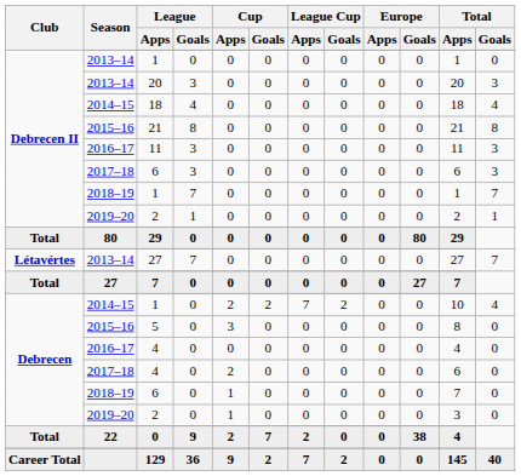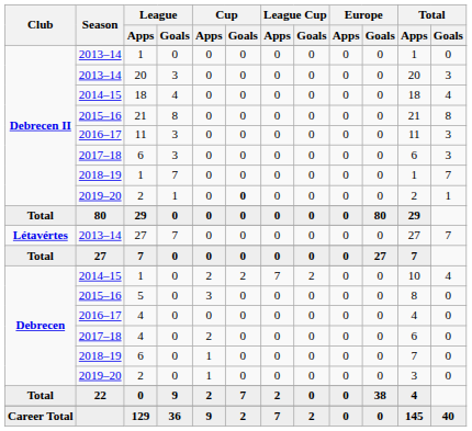 <table class="wikitable" style="font-size:90%; text-align: center;">
 <tr>
 <th rowspan="2">Club</th>
 <th rowspan="2">Season</th>
 <th colspan="2">League</th>
 <th colspan="2">Cup</th>
 <th colspan="2">League Cup</th>
 <th colspan="2">Europe</th>
 <th colspan="2">Total</th>
 </tr>
 <tr>
 <th>Apps</th>
 <th>Goals</th>
 <th>Apps</th>
 <th>Goals</th>
 <th>Apps</th>
 <th>Goals</th>
 <th>Apps</th>
 <th>Goals</th>
 <th>Apps</th>
 <th>Goals</th>
 </tr>
 <tr ||-||-||-|->
 <td rowspan="10" valign="center"><strong><a href='#'>Debrecen II</a></strong></td>
 </tr>
 <tr>
 <td><a href='#'>2013–14</a></td>
 <td>1</td>
 <td>0</td>
 <td>0</td>
 <td>0</td>
 <td>0</td>
 <td>0</td>
 <td>0</td>
 <td>0</td>
 <td>1</td>
 <td>0</td>
 </tr>
 <tr>
 <td><a href='#'>2013–14</a></td>
 <td>20</td>
 <td>3</td>
 <td>0</td>
 <td>0</td>
 <td>0</td>
 <td>0</td>
 <td>0</td>
 <td>0</td>
 <td>20</td>
 <td>3</td>
 </tr>
 <tr>
 <td><a href='#'>2014–15</a></td>
 <td>18</td>
 <td>4</td>
 <td>0</td>
 <td>0</td>
 <td>0</td>
 <td>0</td>
 <td>0</td>
 <td>0</td>
 <td>18</td>
 <td>4</td>
 </tr>
 <tr>
 <td><a href='#'>2015–16</a></td>
 <td>21</td>
 <td>8</td>
 <td>0</td>
 <td>0</td>
 <td>0</td>
 <td>0</td>
 <td>0</td>
 <td>0</td>
 <td>21</td>
 <td>8</td>
 </tr>
 <tr>
 <td><a href='#'>2016–17</a></td>
 <td>11</td>
 <td>3</td>
 <td>0</td>
 <td>0</td>
 <td>0</td>
 <td>0</td>
 <td>0</td>
 <td>0</td>
 <td>11</td>
 <td>3</td>
 </tr>
 <tr>
 <td><a href='#'>2017–18</a></td>
 <td>6</td>
 <td>3</td>
 <td>0</td>
 <td>0</td>
 <td>0</td>
 <td>0</td>
 <td>0</td>
 <td>0</td>
 <td>6</td>
 <td>3</td>
 </tr>
 <tr>
 <td><a href='#'>2018–19</a></td>
 <td>1</td>
 <td>7</td>
 <td>0</td>
 <td>0</td>
 <td>0</td>
 <td>0</td>
 <td>0</td>
 <td>0</td>
 <td>1</td>
 <td>7</td>
 </tr>
 <tr>
 <td><a href='#'>2019–20</a></td>
 <td>2</td>
 <td>1</td>
 <td>0</td>
-<td>0</td>
+<td><strong>0</strong></td>
 <td>0</td>
 <td>0</td>
 <td>0</td>
 <td>0</td>
 <td>2</td>
 <td>1</td>
 </tr>
 <tr>
 </tr>
 <tr style="font-weight:bold; background-color:#eeeeee;">
 <td>Total</td>
 <td>80</td>
 <td>29</td>
 <td>0</td>
 <td>0</td>
 <td>0</td>
 <td>0</td>
 <td>0</td>
 <td>0</td>
 <td>80</td>
 <td>29</td>
 </tr>
 <tr>
 <td rowspan="3" valign="center"><strong><a href='#'>Létavértes</a></strong></td>
 </tr>
 <tr>
 <td><a href='#'>2013–14</a></td>
 <td>27</td>
 <td>7</td>
 <td>0</td>
 <td>0</td>
 <td>0</td>
 <td>0</td>
 <td>0</td>
 <td>0</td>
 <td>27</td>
 <td>7</td>
 </tr>
 <tr>
 </tr>
 <tr style="font-weight:bold; background-color:#eeeeee;">
 <td>Total</td>
 <td>27</td>
 <td>7</td>
 <td>0</td>
 <td>0</td>
 <td>0</td>
 <td>0</td>
 <td>0</td>
 <td>0</td>
 <td>27</td>
 <td>7</td>
 </tr>
 <tr>
 <td rowspan="8" valign="center"><strong><a href='#'>Debrecen</a></strong></td>
 </tr>
 <tr>
 <td><a href='#'>2014–15</a></td>
 <td>1</td>
 <td>0</td>
 <td>2</td>
 <td>2</td>
 <td>7</td>
 <td>2</td>
 <td>0</td>
 <td>0</td>
 <td>10</td>
 <td>4</td>
 </tr>
 <tr>
 <td><a href='#'>2015–16</a></td>
 <td>5</td>
 <td>0</td>
 <td>3</td>
 <td>0</td>
 <td>0</td>
 <td>0</td>
 <td>0</td>
 <td>0</td>
 <td>8</td>
 <td>0</td>
 </tr>
 <tr>
 <td><a href='#'>2016–17</a></td>
 <td>4</td>
 <td>0</td>
 <td>0</td>
 <td>0</td>
 <td>0</td>
 <td>0</td>
 <td>0</td>
 <td>0</td>
 <td>4</td>
 <td>0</td>
 </tr>
 <tr>
 <td><a href='#'>2017–18</a></td>
 <td>4</td>
 <td>0</td>
 <td>2</td>
 <td>0</td>
 <td>0</td>
 <td>0</td>
 <td>0</td>
 <td>0</td>
 <td>6</td>
 <td>0</td>
 </tr>
 <tr>
 <td><a href='#'>2018–19</a></td>
 <td>6</td>
 <td>0</td>
 <td>1</td>
 <td>0</td>
 <td>0</td>
 <td>0</td>
 <td>0</td>
 <td>0</td>
 <td>7</td>
 <td>0</td>
 </tr>
 <tr>
 <td><a href='#'>2019–20</a></td>
 <td>2</td>
 <td>0</td>
 <td>1</td>
 <td>0</td>
 <td>0</td>
 <td>0</td>
 <td>0</td>
 <td>0</td>
 <td>3</td>
 <td>0</td>
 </tr>
 <tr>
 </tr>
 <tr style="font-weight:bold; background-color:#eeeeee;">
 <td>Total</td>
 <td>22</td>
 <td>0</td>
 <td>9</td>
 <td>2</td>
 <td>7</td>
 <td>2</td>
 <td>0</td>
 <td>0</td>
 <td>38</td>
 <td>4</td>
 </tr>
 <tr>
 </tr>
 <tr style="font-weight:bold; background-color:#eeeeee;">
 <td rowspan="2" valign="top"><strong>Career Total</strong></td>
 <td></td>
 <td><strong>129</strong></td>
 <td><strong>36</strong></td>
 <td><strong>9</strong></td>
 <td><strong>2</strong></td>
 <td><strong>7</strong></td>
 <td><strong>2</strong></td>
 <td><strong>0</strong></td>
 <td><strong>0</strong></td>
 <td><strong>145</strong></td>
 <td><strong>40</strong></td>
 </tr>
 </table>
